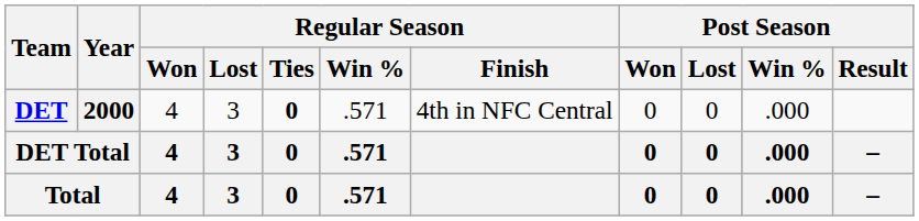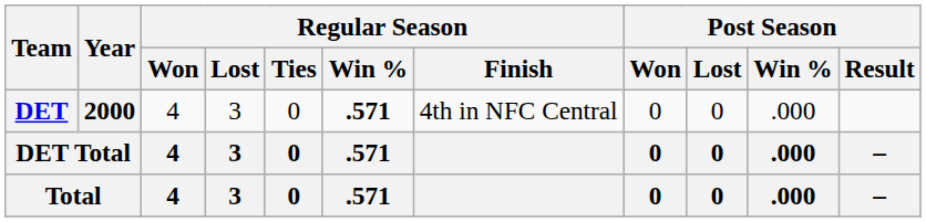 <table class="wikitable" style="font-size: 95%; text-align:center;">
 <tr>
 <th rowspan="2">Team</th>
 <th rowspan="2">Year</th>
 <th colspan="5">Regular Season</th>
 <th colspan="4">Post Season</th>
 </tr>
 <tr>
 <th>Won</th>
 <th>Lost</th>
 <th>Ties</th>
 <th>Win %</th>
 <th>Finish</th>
 <th>Won</th>
 <th>Lost</th>
 <th>Win %</th>
 <th>Result</th>
 </tr>
 <tr>
 <th><a href='#'>DET</a></th>
 <th>2000</th>
 <td>4</td>
 <td>3</td>
-<td><strong>0</strong></td>
-<td>.571</td>
+<td>0</td>
+<td><strong>.571</strong></td>
 <td>4th in NFC Central</td>
 <td>0</td>
 <td>0</td>
 <td>.000</td>
 <td></td>
 </tr>
 <tr>
 <th colspan="2">DET Total</th>
 <th>4</th>
 <th>3</th>
 <th>0</th>
 <th>.571</th>
 <th></th>
 <th>0</th>
 <th>0</th>
 <th>.000</th>
 <th>–</th>
 </tr>
 <tr>
 <th colspan="2">Total</th>
 <th>4</th>
 <th>3</th>
 <th>0</th>
 <th>.571</th>
 <th></th>
 <th>0</th>
 <th>0</th>
 <th>.000</th>
 <th>–</th>
 </tr>
 </table>
